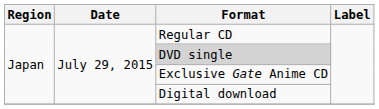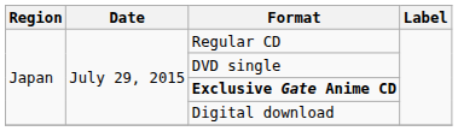 <table class="wikitable plainrowheaders">
 <tr>
 <th scope="col">Region</th>
 <th scope="col">Date</th>
 <th scope="col">Format</th>
 <th scope="col">Label</th>
 </tr>
 <tr>
 <td rowspan="4">Japan</td>
 <td rowspan="4">July 29, 2015</td>
 <td>Regular CD</td>
 <td rowspan="4"></td>
 </tr>
 <tr>
-<td style="background: lightgrey;">DVD single</td>
+<td>DVD single</td>
 </tr>
 <tr>
-<td>Exclusive <em>Gate</em> Anime CD</td>
+<td><strong>Exclusive <em>Gate</em> Anime CD</strong></td>
 </tr>
 <tr>
 <td>Digital download</td>
 </tr>
 <tr>
 </tr>
 </table>
